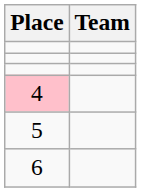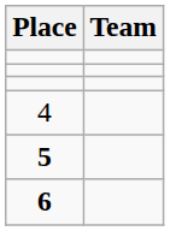 <table class="wikitable" style="text-align:center; padding-bottom:0;">
 <tr>
 <th>Place</th>
 <th style="text-align:left;">Team</th>
 </tr>
 <tr>
 <td></td>
 <td align=left></td>
 </tr>
 <tr>
 <td></td>
 <td align=left></td>
 </tr>
 <tr>
 <td></td>
 <td align=left></td>
 </tr>
 <tr>
-<td style="background: pink;">4</td>
+<td>4</td>
 <td align=left></td>
 </tr>
 <tr>
-<td>5</td>
+<td><strong>5</strong></td>
 <td align=left></td>
 </tr>
 <tr>
-<td>6</td>
+<td><strong>6</strong></td>
 <td align=left></td>
 </tr>
 </table>
